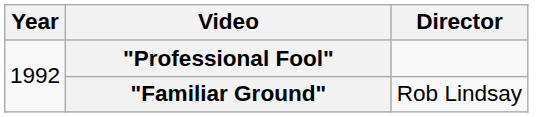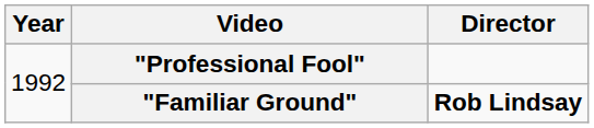 <table class="wikitable plainrowheaders">
 <tr>
 <th>Year</th>
 <th style="width:14em;">Video</th>
 <th>Director</th>
 </tr>
 <tr>
 <td rowspan="2">1992</td>
 <th scope="row">"Professional Fool"</th>
 <td></td>
 </tr>
 <tr>
 <th scope="row">"Familiar Ground"</th>
-<td>Rob Lindsay</td>
+<td><strong>Rob Lindsay</strong></td>
 </tr>
 </table>
